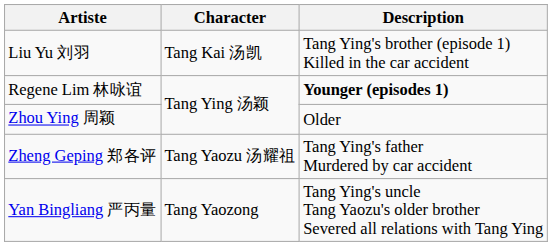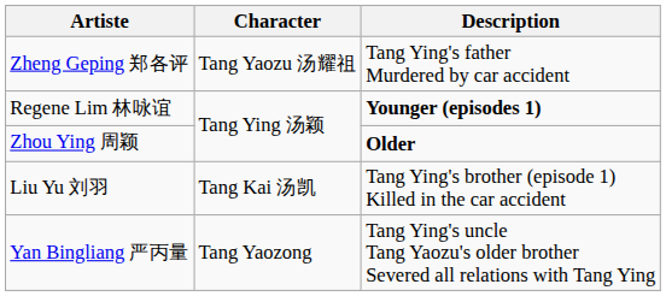 <table class="wikitable">
 <tr>
 <th>Artiste</th>
 <th>Character</th>
 <th>Description</th>
 </tr>
 <tr>
-<td>Liu Yu 刘羽</td>
-<td>Tang Kai 汤凯</td>
-<td>Tang Ying's brother (episode 1)<br>Killed in the car accident</td>
+<td><a href='#'>Zheng Geping</a> 郑各评</td>
+<td>Tang Yaozu 汤耀祖</td>
+<td>Tang Ying's father<br>Murdered by car accident</td>
 </tr>
 <tr>
 <td>Regene Lim 林咏谊</td>
 <td rowspan="2">Tang Ying 汤颖</td>
 <td><strong>Younger (episodes 1)</strong></td>
 </tr>
 <tr>
 <td><a href='#'>Zhou Ying</a> 周颖</td>
-<td>Older</td>
+<td><strong>Older</strong></td>
 </tr>
 <tr>
-<td><a href='#'>Zheng Geping</a> 郑各评</td>
-<td>Tang Yaozu 汤耀祖</td>
-<td>Tang Ying's father<br>Murdered by car accident</td>
+<td>Liu Yu 刘羽</td>
+<td>Tang Kai 汤凯</td>
+<td>Tang Ying's brother (episode 1)<br>Killed in the car accident</td>
 </tr>
 <tr>
 <td><a href='#'>Yan Bingliang</a> 严丙量</td>
 <td>Tang Yaozong</td>
 <td>Tang Ying's uncle<br>Tang Yaozu's older brother<br>Severed all relations with Tang Ying</td>
 </tr>
 </table>
